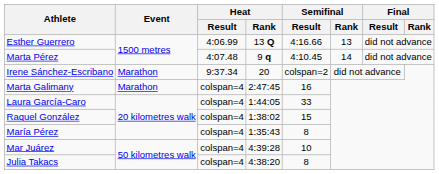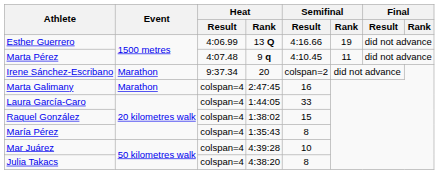 <table class="wikitable"  style="font-size:90%">
 <tr>
 <th rowspan="2">Athlete</th>
 <th rowspan="2">Event</th>
 <th colspan="2">Heat</th>
 <th colspan="2">Semifinal</th>
 <th colspan="2">Final</th>
 </tr>
 <tr>
 <th>Result</th>
 <th>Rank</th>
 <th>Result</th>
 <th>Rank</th>
 <th>Result</th>
 <th>Rank</th>
 </tr>
 <tr style=text-align:center>
 <td style=text-align:left><a href='#'>Esther Guerrero</a></td>
 <td style=text-align:left rowspan=2><a href='#'>1500 metres</a></td>
 <td>4:06.99</td>
 <td>13 <strong>Q</strong></td>
 <td>4:16.66</td>
-<td>13</td>
+<td>19</td>
 <td colspan=2>did not advance</td>
 </tr>
 <tr style=text-align:center>
 <td style=text-align:left><a href='#'>Marta Pérez</a></td>
 <td>4:07.48</td>
 <td>9 <strong>q</strong></td>
 <td>4:10.45</td>
-<td>14</td>
+<td>11</td>
 <td colspan=2>did not advance</td>
 </tr>
 <tr style=text-align:center>
 <td style=text-align:left><a href='#'>Irene Sánchez-Escribano</a></td>
 <td style=text-align:left><a href='#'>Marathon</a></td>
 <td>9:37.34</td>
 <td>20</td>
 <td>colspan=2 </td>
 <td colspan=2>did not advance</td>
 </tr>
 <tr style=text-align:center>
 <td style=text-align:left><a href='#'>Marta Galimany</a></td>
 <td style=text-align:left><a href='#'>Marathon</a></td>
 <td>colspan=4 </td>
 <td>2:47:45</td>
 <td>16</td>
 </tr>
 <tr style=text-align:center>
 <td style=text-align:left><a href='#'>Laura García-Caro</a></td>
 <td style=text-align:left rowspan=3><a href='#'>20 kilometres walk</a></td>
 <td>colspan=4 </td>
 <td>1:44:05</td>
 <td>33</td>
 </tr>
 <tr style=text-align:center>
 <td style=text-align:left><a href='#'>Raquel González</a></td>
 <td>colspan=4 </td>
 <td>1:38:02</td>
 <td>15</td>
 </tr>
 <tr style=text-align:center>
 <td style=text-align:left><a href='#'>María Pérez</a></td>
 <td>colspan=4 </td>
 <td>1:35:43</td>
 <td>8</td>
 </tr>
 <tr style=text-align:center>
 <td style=text-align:left><a href='#'>Mar Juárez</a></td>
 <td style=text-align:left rowspan=2><a href='#'>50 kilometres walk</a></td>
 <td>colspan=4 </td>
 <td>4:39:28</td>
 <td>10</td>
 </tr>
 <tr style=text-align:center>
 <td style=text-align:left><a href='#'>Julia Takacs</a></td>
 <td>colspan=4 </td>
 <td>4:38:20</td>
 <td>8</td>
 </tr>
 </table>
